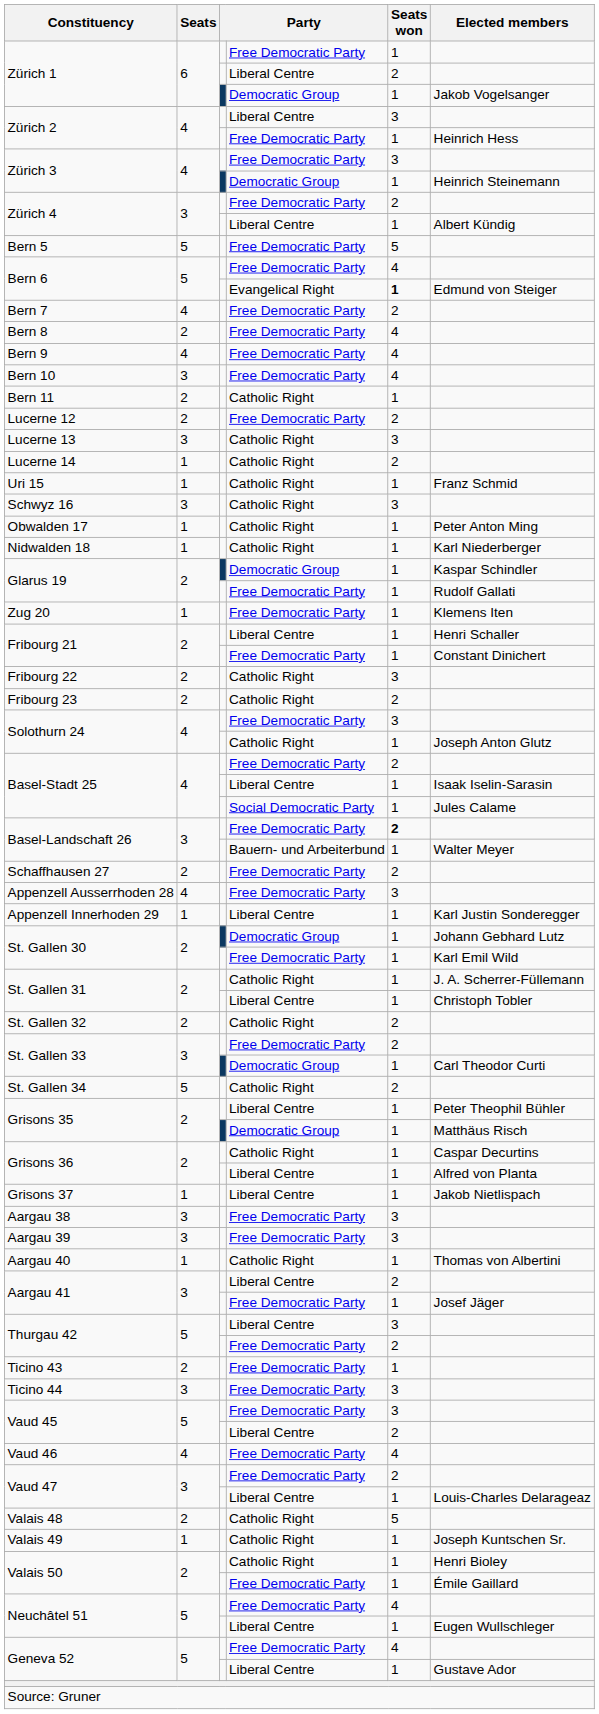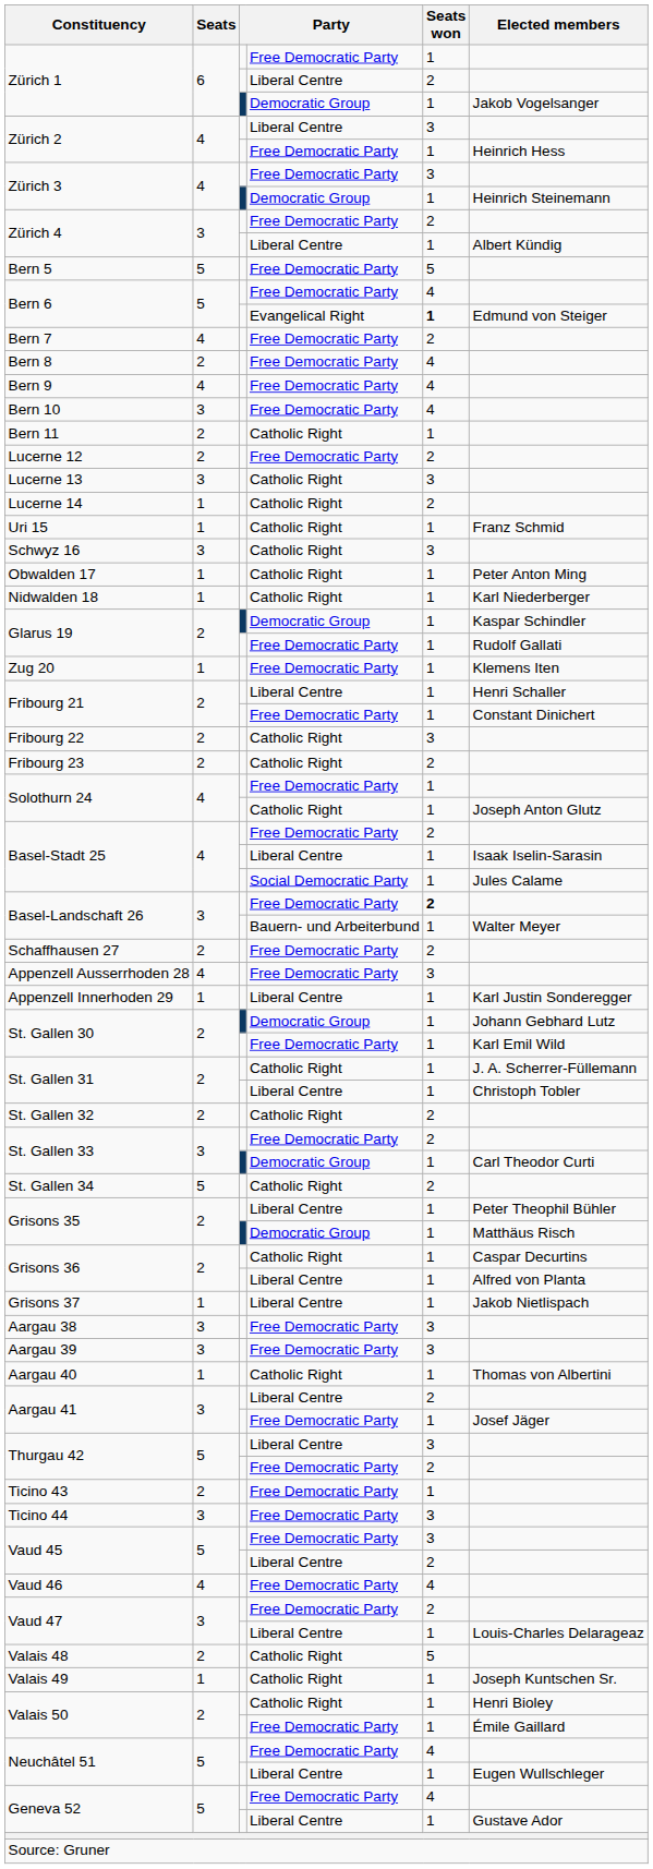 <table class="wikitable">
 <tr>
 <th>Constituency</th>
 <th>Seats</th>
 <th colspan="2">Party</th>
 <th>Seats<br>won</th>
 <th>Elected members</th>
 </tr>
 <tr>
 <td rowspan="3">Zürich 1</td>
 <td rowspan="3">6</td>
 <td style="color:inherit;background:"></td>
 <td><a href='#'>Free Democratic Party</a></td>
 <td>1</td>
 <td></td>
 </tr>
 <tr>
 <td style="color:inherit;background:"></td>
 <td>Liberal Centre</td>
 <td>2</td>
 <td></td>
 </tr>
 <tr>
 <td style="color:inherit;background:#0B3861"></td>
 <td><a href='#'>Democratic Group</a></td>
 <td>1</td>
 <td>Jakob Vogelsanger</td>
 </tr>
 <tr>
 <td rowspan="2">Zürich 2</td>
 <td rowspan="2">4</td>
 <td style="color:inherit;background:"></td>
 <td>Liberal Centre</td>
 <td>3</td>
 <td></td>
 </tr>
 <tr>
 <td style="color:inherit;background:"></td>
 <td><a href='#'>Free Democratic Party</a></td>
 <td>1</td>
 <td>Heinrich Hess</td>
 </tr>
 <tr>
 <td rowspan="2">Zürich 3</td>
 <td rowspan="2">4</td>
 <td style="color:inherit;background:"></td>
 <td><a href='#'>Free Democratic Party</a></td>
 <td>3</td>
 <td></td>
 </tr>
 <tr>
 <td style="color:inherit;background:#0B3861"></td>
 <td><a href='#'>Democratic Group</a></td>
 <td>1</td>
 <td>Heinrich Steinemann</td>
 </tr>
 <tr>
 <td rowspan="2">Zürich 4</td>
 <td rowspan="2">3</td>
 <td style="color:inherit;background:"></td>
 <td><a href='#'>Free Democratic Party</a></td>
 <td>2</td>
 <td></td>
 </tr>
 <tr>
 <td style="color:inherit;background:"></td>
 <td>Liberal Centre</td>
 <td>1</td>
 <td>Albert Kündig</td>
 </tr>
 <tr>
 <td>Bern 5</td>
 <td>5</td>
 <td style="color:inherit;background:"></td>
 <td><a href='#'>Free Democratic Party</a></td>
 <td>5</td>
 <td></td>
 </tr>
 <tr>
 <td rowspan="2">Bern 6</td>
 <td rowspan="2">5</td>
 <td style="color:inherit;background:"></td>
 <td><a href='#'>Free Democratic Party</a></td>
 <td>4</td>
 <td></td>
 </tr>
 <tr>
 <td style="color:inherit;background:"></td>
 <td>Evangelical Right</td>
 <td><strong>1</strong></td>
 <td>Edmund von Steiger</td>
 </tr>
 <tr>
 <td>Bern 7</td>
 <td>4</td>
 <td style="color:inherit;background:"></td>
 <td><a href='#'>Free Democratic Party</a></td>
 <td>2</td>
 <td></td>
 </tr>
 <tr>
 <td>Bern 8</td>
 <td>2</td>
 <td style="color:inherit;background:"></td>
 <td><a href='#'>Free Democratic Party</a></td>
 <td>4</td>
 <td></td>
 </tr>
 <tr>
 <td>Bern 9</td>
 <td>4</td>
 <td style="color:inherit;background:"></td>
 <td><a href='#'>Free Democratic Party</a></td>
 <td>4</td>
 <td></td>
 </tr>
 <tr>
 <td>Bern 10</td>
 <td>3</td>
 <td style="color:inherit;background:"></td>
 <td><a href='#'>Free Democratic Party</a></td>
 <td>4</td>
 <td></td>
 </tr>
 <tr>
 <td>Bern 11</td>
 <td>2</td>
 <td style="color:inherit;background:"></td>
 <td>Catholic Right</td>
 <td>1</td>
 <td></td>
 </tr>
 <tr>
 <td>Lucerne 12</td>
 <td>2</td>
 <td style="color:inherit;background:"></td>
 <td><a href='#'>Free Democratic Party</a></td>
 <td>2</td>
 <td></td>
 </tr>
 <tr>
 <td>Lucerne 13</td>
 <td>3</td>
 <td style="color:inherit;background:"></td>
 <td>Catholic Right</td>
 <td>3</td>
 <td></td>
 </tr>
 <tr>
 <td>Lucerne 14</td>
 <td>1</td>
 <td style="color:inherit;background:"></td>
 <td>Catholic Right</td>
 <td>2</td>
 <td></td>
 </tr>
 <tr>
 <td>Uri 15</td>
 <td>1</td>
 <td style="color:inherit;background:"></td>
 <td>Catholic Right</td>
 <td>1</td>
 <td>Franz Schmid</td>
 </tr>
 <tr>
 <td>Schwyz 16</td>
 <td>3</td>
 <td style="color:inherit;background:"></td>
 <td>Catholic Right</td>
 <td>3</td>
 <td></td>
 </tr>
 <tr>
 <td>Obwalden 17</td>
 <td>1</td>
 <td style="color:inherit;background:"></td>
 <td>Catholic Right</td>
 <td>1</td>
 <td>Peter Anton Ming</td>
 </tr>
 <tr>
 <td>Nidwalden 18</td>
 <td>1</td>
 <td style="color:inherit;background:"></td>
 <td>Catholic Right</td>
 <td>1</td>
 <td>Karl Niederberger</td>
 </tr>
 <tr>
 <td rowspan="2">Glarus 19</td>
 <td rowspan="2">2</td>
 <td style="color:inherit;background:#0B3861"></td>
 <td><a href='#'>Democratic Group</a></td>
 <td>1</td>
 <td>Kaspar Schindler</td>
 </tr>
 <tr>
 <td style="color:inherit;background:"></td>
 <td><a href='#'>Free Democratic Party</a></td>
 <td>1</td>
 <td>Rudolf Gallati</td>
 </tr>
 <tr>
 <td>Zug 20</td>
 <td>1</td>
 <td style="color:inherit;background:"></td>
 <td><a href='#'>Free Democratic Party</a></td>
 <td>1</td>
 <td>Klemens Iten</td>
 </tr>
 <tr>
 <td rowspan="2">Fribourg 21</td>
 <td rowspan="2">2</td>
 <td style="color:inherit;background:"></td>
 <td>Liberal Centre</td>
 <td>1</td>
 <td>Henri Schaller</td>
 </tr>
 <tr>
 <td style="color:inherit;background:"></td>
 <td><a href='#'>Free Democratic Party</a></td>
 <td>1</td>
 <td>Constant Dinichert</td>
 </tr>
 <tr>
 <td>Fribourg 22</td>
 <td>2</td>
 <td style="color:inherit;background:"></td>
 <td>Catholic Right</td>
 <td>3</td>
 <td></td>
 </tr>
 <tr>
 <td>Fribourg 23</td>
 <td>2</td>
 <td style="color:inherit;background:"></td>
 <td>Catholic Right</td>
 <td>2</td>
 <td></td>
 </tr>
 <tr>
 <td rowspan="2">Solothurn 24</td>
 <td rowspan="2">4</td>
 <td style="color:inherit;background:"></td>
 <td><a href='#'>Free Democratic Party</a></td>
-<td>3</td>
+<td>1</td>
 <td></td>
 </tr>
 <tr>
 <td style="color:inherit;background:"></td>
 <td>Catholic Right</td>
 <td>1</td>
 <td>Joseph Anton Glutz</td>
 </tr>
 <tr>
 <td rowspan="3">Basel-Stadt 25</td>
 <td rowspan="3">4</td>
 <td style="color:inherit;background:"></td>
 <td><a href='#'>Free Democratic Party</a></td>
 <td>2</td>
 <td></td>
 </tr>
 <tr>
 <td style="color:inherit;background:"></td>
 <td>Liberal Centre</td>
 <td>1</td>
 <td>Isaak Iselin-Sarasin</td>
 </tr>
 <tr>
 <td style="color:inherit;background:"></td>
 <td><a href='#'>Social Democratic Party</a></td>
 <td>1</td>
 <td>Jules Calame</td>
 </tr>
 <tr>
 <td rowspan="2">Basel-Landschaft 26</td>
 <td rowspan="2">3</td>
 <td style="color:inherit;background:"></td>
 <td><a href='#'>Free Democratic Party</a></td>
 <td><strong>2</strong></td>
 <td></td>
 </tr>
 <tr>
 <td style="color:inherit;background:"></td>
 <td>Bauern- und Arbeiterbund</td>
 <td>1</td>
 <td>Walter Meyer</td>
 </tr>
 <tr>
 <td>Schaffhausen 27</td>
 <td>2</td>
 <td style="color:inherit;background:"></td>
 <td><a href='#'>Free Democratic Party</a></td>
 <td>2</td>
 <td></td>
 </tr>
 <tr>
 <td>Appenzell Ausserrhoden 28</td>
 <td>4</td>
 <td style="color:inherit;background:"></td>
 <td><a href='#'>Free Democratic Party</a></td>
 <td>3</td>
 <td></td>
 </tr>
 <tr>
 <td>Appenzell Innerhoden 29</td>
 <td>1</td>
 <td style="color:inherit;background:"></td>
 <td>Liberal Centre</td>
 <td>1</td>
 <td>Karl Justin Sonderegger</td>
 </tr>
 <tr>
 <td rowspan="2">St. Gallen 30</td>
 <td rowspan="2">2</td>
 <td style="color:inherit;background:#0B3861"></td>
 <td><a href='#'>Democratic Group</a></td>
 <td>1</td>
 <td>Johann Gebhard Lutz</td>
 </tr>
 <tr>
 <td style="color:inherit;background:"></td>
 <td><a href='#'>Free Democratic Party</a></td>
 <td>1</td>
 <td>Karl Emil Wild</td>
 </tr>
 <tr>
 <td rowspan="2">St. Gallen 31</td>
 <td rowspan="2">2</td>
 <td style="color:inherit;background:"></td>
 <td>Catholic Right</td>
 <td>1</td>
 <td>J. A. Scherrer-Füllemann</td>
 </tr>
 <tr>
 <td style="color:inherit;background:"></td>
 <td>Liberal Centre</td>
 <td>1</td>
 <td>Christoph Tobler</td>
 </tr>
 <tr>
 <td>St. Gallen 32</td>
 <td>2</td>
 <td style="color:inherit;background:"></td>
 <td>Catholic Right</td>
 <td>2</td>
 <td></td>
 </tr>
 <tr>
 <td rowspan="2">St. Gallen 33</td>
 <td rowspan="2">3</td>
 <td style="color:inherit;background:"></td>
 <td><a href='#'>Free Democratic Party</a></td>
 <td>2</td>
 <td></td>
 </tr>
 <tr>
 <td style="color:inherit;background:#0B3861"></td>
 <td><a href='#'>Democratic Group</a></td>
 <td>1</td>
 <td>Carl Theodor Curti</td>
 </tr>
 <tr>
 <td>St. Gallen 34</td>
 <td>5</td>
 <td style="color:inherit;background:"></td>
 <td>Catholic Right</td>
 <td>2</td>
 <td></td>
 </tr>
 <tr>
 <td rowspan="2">Grisons 35</td>
 <td rowspan="2">2</td>
 <td style="color:inherit;background:"></td>
 <td>Liberal Centre</td>
 <td>1</td>
 <td>Peter Theophil Bühler</td>
 </tr>
 <tr>
 <td style="color:inherit;background:#0B3861"></td>
 <td><a href='#'>Democratic Group</a></td>
 <td>1</td>
 <td>Matthäus Risch</td>
 </tr>
 <tr>
 <td rowspan="2">Grisons 36</td>
 <td rowspan="2">2</td>
 <td style="color:inherit;background:"></td>
 <td>Catholic Right</td>
 <td>1</td>
 <td>Caspar Decurtins</td>
 </tr>
 <tr>
 <td style="color:inherit;background:"></td>
 <td>Liberal Centre</td>
 <td>1</td>
 <td>Alfred von Planta</td>
 </tr>
 <tr>
 <td>Grisons 37</td>
 <td>1</td>
 <td style="color:inherit;background:"></td>
 <td>Liberal Centre</td>
 <td>1</td>
 <td>Jakob Nietlispach</td>
 </tr>
 <tr>
 <td>Aargau 38</td>
 <td>3</td>
 <td style="color:inherit;background:"></td>
 <td><a href='#'>Free Democratic Party</a></td>
 <td>3</td>
 <td></td>
 </tr>
 <tr>
 <td>Aargau 39</td>
 <td>3</td>
 <td style="color:inherit;background:"></td>
 <td><a href='#'>Free Democratic Party</a></td>
 <td>3</td>
 <td></td>
 </tr>
 <tr>
 <td>Aargau 40</td>
 <td>1</td>
 <td style="color:inherit;background:"></td>
 <td>Catholic Right</td>
 <td>1</td>
 <td>Thomas von Albertini</td>
 </tr>
 <tr>
 <td rowspan="2">Aargau 41</td>
 <td rowspan="2">3</td>
 <td style="color:inherit;background:"></td>
 <td>Liberal Centre</td>
 <td>2</td>
 <td></td>
 </tr>
 <tr>
 <td style="color:inherit;background:"></td>
 <td><a href='#'>Free Democratic Party</a></td>
 <td>1</td>
 <td>Josef Jäger</td>
 </tr>
 <tr>
 <td rowspan="2">Thurgau 42</td>
 <td rowspan="2">5</td>
 <td style="color:inherit;background:"></td>
 <td>Liberal Centre</td>
 <td>3</td>
 <td></td>
 </tr>
 <tr>
 <td style="color:inherit;background:"></td>
 <td><a href='#'>Free Democratic Party</a></td>
 <td>2</td>
 <td></td>
 </tr>
 <tr>
 <td>Ticino 43</td>
 <td>2</td>
 <td style="color:inherit;background:"></td>
 <td><a href='#'>Free Democratic Party</a></td>
 <td>1</td>
 <td></td>
 </tr>
 <tr>
 <td>Ticino 44</td>
 <td>3</td>
 <td style="color:inherit;background:"></td>
 <td><a href='#'>Free Democratic Party</a></td>
 <td>3</td>
 <td></td>
 </tr>
 <tr>
 <td rowspan="2">Vaud 45</td>
 <td rowspan="2">5</td>
 <td style="color:inherit;background:"></td>
 <td><a href='#'>Free Democratic Party</a></td>
 <td>3</td>
 <td></td>
 </tr>
 <tr>
 <td style="color:inherit;background:"></td>
 <td>Liberal Centre</td>
 <td>2</td>
 <td></td>
 </tr>
 <tr>
 <td>Vaud 46</td>
 <td>4</td>
 <td style="color:inherit;background:"></td>
 <td><a href='#'>Free Democratic Party</a></td>
 <td>4</td>
 <td></td>
 </tr>
 <tr>
 <td rowspan="2">Vaud 47</td>
 <td rowspan="2">3</td>
 <td style="color:inherit;background:"></td>
 <td><a href='#'>Free Democratic Party</a></td>
 <td>2</td>
 <td></td>
 </tr>
 <tr>
 <td style="color:inherit;background:"></td>
 <td>Liberal Centre</td>
 <td>1</td>
 <td>Louis-Charles Delarageaz</td>
 </tr>
 <tr>
 <td>Valais 48</td>
 <td>2</td>
 <td style="color:inherit;background:"></td>
 <td>Catholic Right</td>
 <td>5</td>
 <td></td>
 </tr>
 <tr>
 <td>Valais 49</td>
 <td>1</td>
 <td style="color:inherit;background:"></td>
 <td>Catholic Right</td>
 <td>1</td>
 <td>Joseph Kuntschen Sr.</td>
 </tr>
 <tr>
 <td rowspan="2">Valais 50</td>
 <td rowspan="2">2</td>
 <td style="color:inherit;background:"></td>
 <td>Catholic Right</td>
 <td>1</td>
 <td>Henri Bioley</td>
 </tr>
 <tr>
 <td style="color:inherit;background:"></td>
 <td><a href='#'>Free Democratic Party</a></td>
 <td>1</td>
 <td>Émile Gaillard</td>
 </tr>
 <tr>
 <td rowspan="2">Neuchâtel 51</td>
 <td rowspan="2">5</td>
 <td style="color:inherit;background:"></td>
 <td><a href='#'>Free Democratic Party</a></td>
 <td>4</td>
 <td></td>
 </tr>
 <tr>
 <td style="color:inherit;background:"></td>
 <td>Liberal Centre</td>
 <td>1</td>
 <td>Eugen Wullschleger</td>
 </tr>
 <tr>
 <td rowspan="2">Geneva 52</td>
 <td rowspan="2">5</td>
 <td style="color:inherit;background:"></td>
 <td><a href='#'>Free Democratic Party</a></td>
 <td>4</td>
 <td></td>
 </tr>
 <tr>
 <td style="color:inherit;background:"></td>
 <td>Liberal Centre</td>
 <td>1</td>
 <td>Gustave Ador</td>
 </tr>
 <tr>
 <th colspan="6"></th>
 </tr>
 <tr>
 <td colspan="6">Source: Gruner</td>
 </tr>
 </table>
